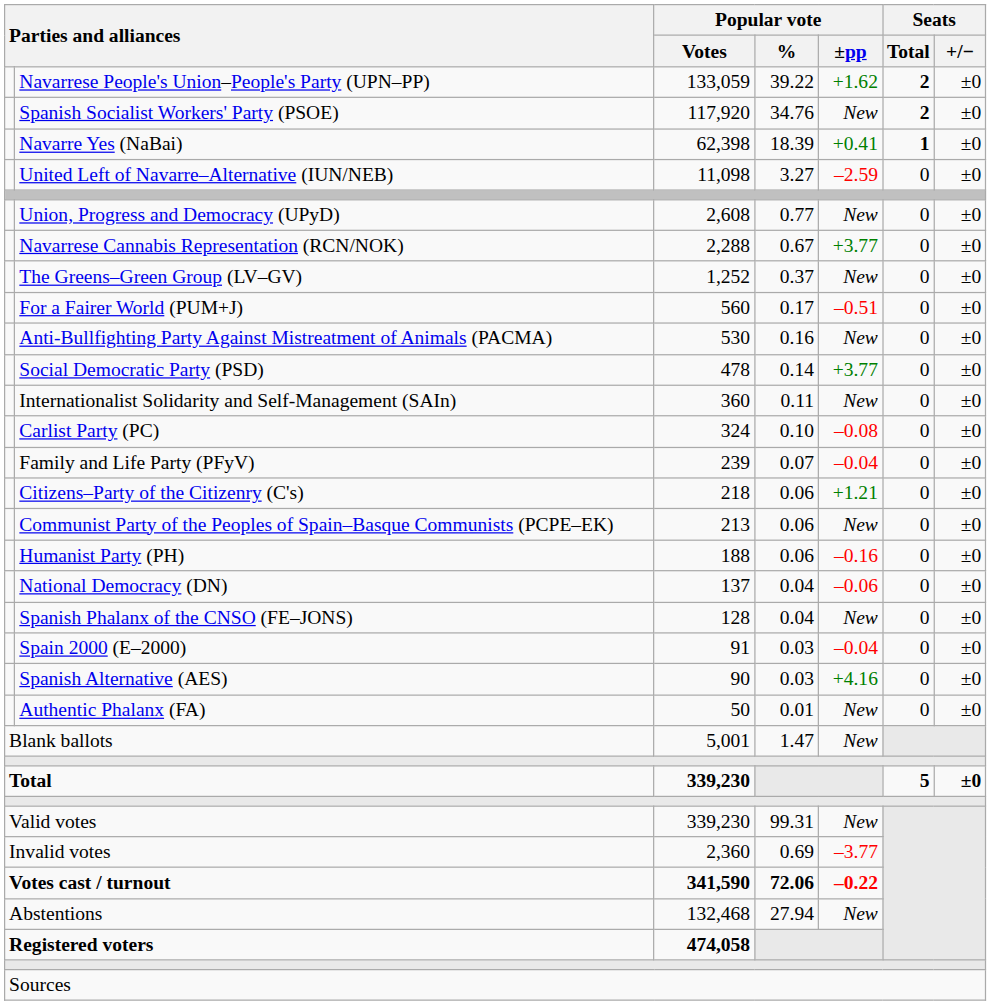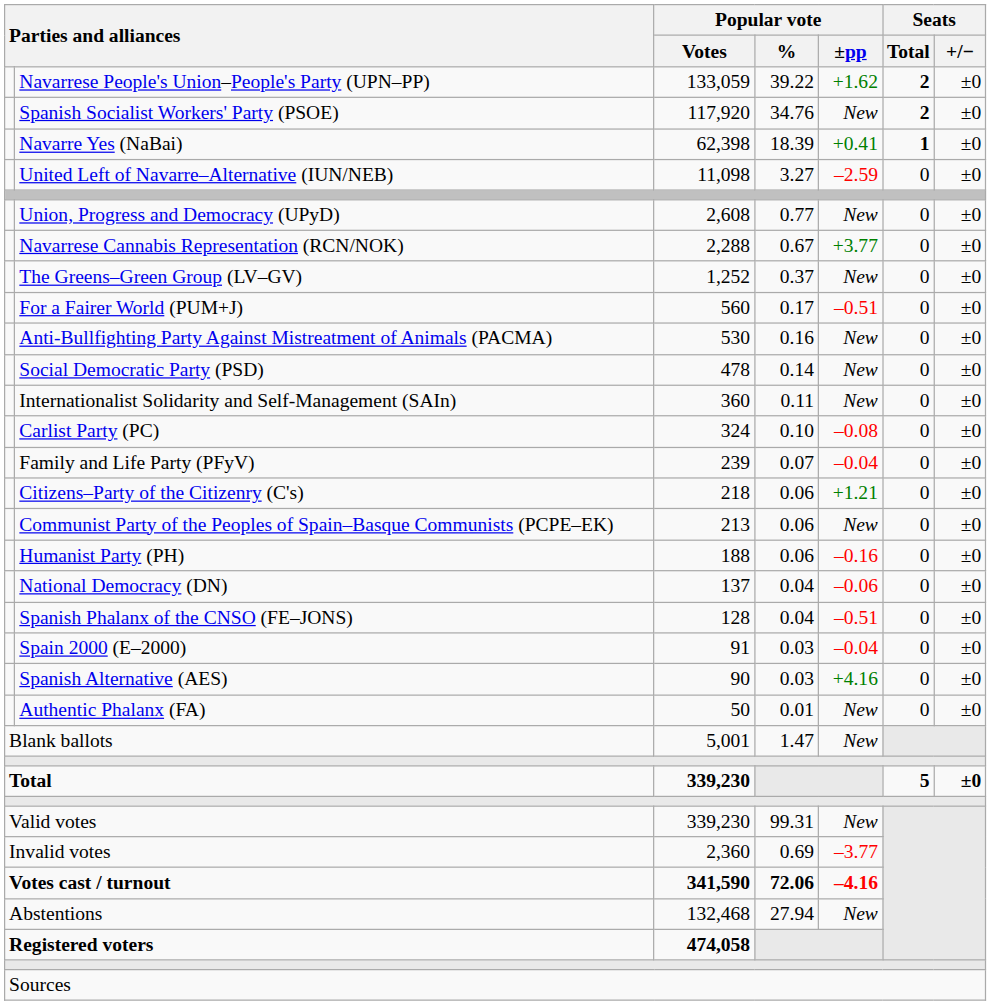 <table class="wikitable" style="text-align:right;">
 <tr>
 <th style="text-align:left;" rowspan="2" colspan="2" width="525">Parties and alliances</th>
 <th colspan="3">Popular vote</th>
 <th colspan="2">Seats</th>
 </tr>
 <tr>
 <th width="75">Votes</th>
 <th width="45">%</th>
 <th width="45">±<a href='#'>pp</a></th>
 <th width="35">Total</th>
 <th width="35">+/−</th>
 </tr>
 <tr>
 <td width="1" style="color:inherit;background:"></td>
 <td align="left"><a href='#'>Navarrese People's Union</a>–<a href='#'>People's Party</a> (UPN–PP)</td>
 <td>133,059</td>
 <td>39.22</td>
 <td style="color:green;">+1.62</td>
 <td><strong>2</strong></td>
 <td>±0</td>
 </tr>
 <tr>
 <td style="color:inherit;background:"></td>
 <td align="left"><a href='#'>Spanish Socialist Workers' Party</a> (PSOE)</td>
 <td>117,920</td>
 <td>34.76</td>
 <td><em>New</em></td>
 <td><strong>2</strong></td>
 <td>±0</td>
 </tr>
 <tr>
 <td style="color:inherit;background:"></td>
 <td align="left"><a href='#'>Navarre Yes</a> (NaBai)</td>
 <td>62,398</td>
 <td>18.39</td>
 <td style="color:green;">+0.41</td>
 <td><strong>1</strong></td>
 <td>±0</td>
 </tr>
 <tr>
 <td style="color:inherit;background:"></td>
 <td align="left"><a href='#'>United Left of Navarre–Alternative</a> (IUN/NEB)</td>
 <td>11,098</td>
 <td>3.27</td>
 <td style="color:red;">–2.59</td>
 <td>0</td>
 <td>±0</td>
 </tr>
 <tr>
 <td colspan="7" bgcolor="#C0C0C0"></td>
 </tr>
 <tr>
 <td style="color:inherit;background:"></td>
 <td align="left"><a href='#'>Union, Progress and Democracy</a> (UPyD)</td>
 <td>2,608</td>
 <td>0.77</td>
 <td><em>New</em></td>
 <td>0</td>
 <td>±0</td>
 </tr>
 <tr>
 <td style="color:inherit;background:"></td>
 <td align="left"><a href='#'>Navarrese Cannabis Representation</a> (RCN/NOK)</td>
 <td>2,288</td>
 <td>0.67</td>
 <td style="color:green;">+3.77</td>
 <td>0</td>
 <td>±0</td>
 </tr>
 <tr>
 <td style="color:inherit;background:"></td>
 <td align="left"><a href='#'>The Greens–Green Group</a> (LV–GV)</td>
 <td>1,252</td>
 <td>0.37</td>
 <td><em>New</em></td>
 <td>0</td>
 <td>±0</td>
 </tr>
 <tr>
 <td style="color:inherit;background:"></td>
 <td align="left"><a href='#'>For a Fairer World</a> (PUM+J)</td>
 <td>560</td>
 <td>0.17</td>
 <td style="color:red;">–0.51</td>
 <td>0</td>
 <td>±0</td>
 </tr>
 <tr>
 <td style="color:inherit;background:"></td>
 <td align="left"><a href='#'>Anti-Bullfighting Party Against Mistreatment of Animals</a> (PACMA)</td>
 <td>530</td>
 <td>0.16</td>
 <td><em>New</em></td>
 <td>0</td>
 <td>±0</td>
 </tr>
 <tr>
 <td style="color:inherit;background:"></td>
 <td align="left"><a href='#'>Social Democratic Party</a> (PSD)</td>
 <td>478</td>
 <td>0.14</td>
-<td style="color:green;">+3.77</td>
+<td><em>New</em></td>
 <td>0</td>
 <td>±0</td>
 </tr>
 <tr>
 <td style="color:inherit;background:"></td>
 <td align="left">Internationalist Solidarity and Self-Management (SAIn)</td>
 <td>360</td>
 <td>0.11</td>
 <td><em>New</em></td>
 <td>0</td>
 <td>±0</td>
 </tr>
 <tr>
 <td style="color:inherit;background:"></td>
 <td align="left"><a href='#'>Carlist Party</a> (PC)</td>
 <td>324</td>
 <td>0.10</td>
 <td style="color:red;">–0.08</td>
 <td>0</td>
 <td>±0</td>
 </tr>
 <tr>
 <td style="color:inherit;background:"></td>
 <td align="left">Family and Life Party (PFyV)</td>
 <td>239</td>
 <td>0.07</td>
 <td style="color:red;">–0.04</td>
 <td>0</td>
 <td>±0</td>
 </tr>
 <tr>
 <td style="color:inherit;background:"></td>
 <td align="left"><a href='#'>Citizens–Party of the Citizenry</a> (C's)</td>
 <td>218</td>
 <td>0.06</td>
 <td style="color:green;">+1.21</td>
 <td>0</td>
 <td>±0</td>
 </tr>
 <tr>
 <td style="color:inherit;background:"></td>
 <td align="left"><a href='#'>Communist Party of the Peoples of Spain–Basque Communists</a> (PCPE–EK)</td>
 <td>213</td>
 <td>0.06</td>
 <td><em>New</em></td>
 <td>0</td>
 <td>±0</td>
 </tr>
 <tr>
 <td style="color:inherit;background:"></td>
 <td align="left"><a href='#'>Humanist Party</a> (PH)</td>
 <td>188</td>
 <td>0.06</td>
 <td style="color:red;">–0.16</td>
 <td>0</td>
 <td>±0</td>
 </tr>
 <tr>
 <td style="color:inherit;background:"></td>
 <td align="left"><a href='#'>National Democracy</a> (DN)</td>
 <td>137</td>
 <td>0.04</td>
 <td style="color:red;">–0.06</td>
 <td>0</td>
 <td>±0</td>
 </tr>
 <tr>
 <td style="color:inherit;background:"></td>
 <td align="left"><a href='#'>Spanish Phalanx of the CNSO</a> (FE–JONS)</td>
 <td>128</td>
 <td>0.04</td>
-<td><em>New</em></td>
+<td style="color:red;">–0.51</td>
 <td>0</td>
 <td>±0</td>
 </tr>
 <tr>
 <td style="color:inherit;background:"></td>
 <td align="left"><a href='#'>Spain 2000</a> (E–2000)</td>
 <td>91</td>
 <td>0.03</td>
 <td style="color:red;">–0.04</td>
 <td>0</td>
 <td>±0</td>
 </tr>
 <tr>
 <td style="color:inherit;background:"></td>
 <td align="left"><a href='#'>Spanish Alternative</a> (AES)</td>
 <td>90</td>
 <td>0.03</td>
 <td style="color:green;">+4.16</td>
 <td>0</td>
 <td>±0</td>
 </tr>
 <tr>
 <td style="color:inherit;background:"></td>
 <td align="left"><a href='#'>Authentic Phalanx</a> (FA)</td>
 <td>50</td>
 <td>0.01</td>
 <td><em>New</em></td>
 <td>0</td>
 <td>±0</td>
 </tr>
 <tr>
 <td align="left" colspan="2">Blank ballots</td>
 <td>5,001</td>
 <td>1.47</td>
 <td><em>New</em></td>
 <td bgcolor="#E9E9E9" colspan="2"></td>
 </tr>
 <tr>
 <td colspan="7" bgcolor="#E9E9E9"></td>
 </tr>
 <tr style="font-weight:bold;">
 <td align="left" colspan="2">Total</td>
 <td>339,230</td>
 <td bgcolor="#E9E9E9" colspan="2"></td>
 <td>5</td>
 <td>±0</td>
 </tr>
 <tr>
 <td colspan="7" bgcolor="#E9E9E9"></td>
 </tr>
 <tr>
 <td align="left" colspan="2">Valid votes</td>
 <td>339,230</td>
 <td>99.31</td>
 <td><em>New</em></td>
 <td bgcolor="#E9E9E9" colspan="2" rowspan="5"></td>
 </tr>
 <tr>
 <td align="left" colspan="2">Invalid votes</td>
 <td>2,360</td>
 <td>0.69</td>
 <td style="color:red;">–3.77</td>
 </tr>
 <tr style="font-weight:bold;">
 <td align="left" colspan="2">Votes cast / turnout</td>
 <td>341,590</td>
 <td>72.06</td>
-<td style="color:red;">–0.22</td>
+<td style="color:red;">–4.16</td>
 </tr>
 <tr>
 <td align="left" colspan="2">Abstentions</td>
 <td>132,468</td>
 <td>27.94</td>
 <td><em>New</em></td>
 </tr>
 <tr style="font-weight:bold;">
 <td align="left" colspan="2">Registered voters</td>
 <td>474,058</td>
 <td bgcolor="#E9E9E9" colspan="2"></td>
 </tr>
 <tr>
 <td colspan="7" bgcolor="#E9E9E9"></td>
 </tr>
 <tr>
 <td align="left" colspan="7">Sources</td>
 </tr>
 </table>
